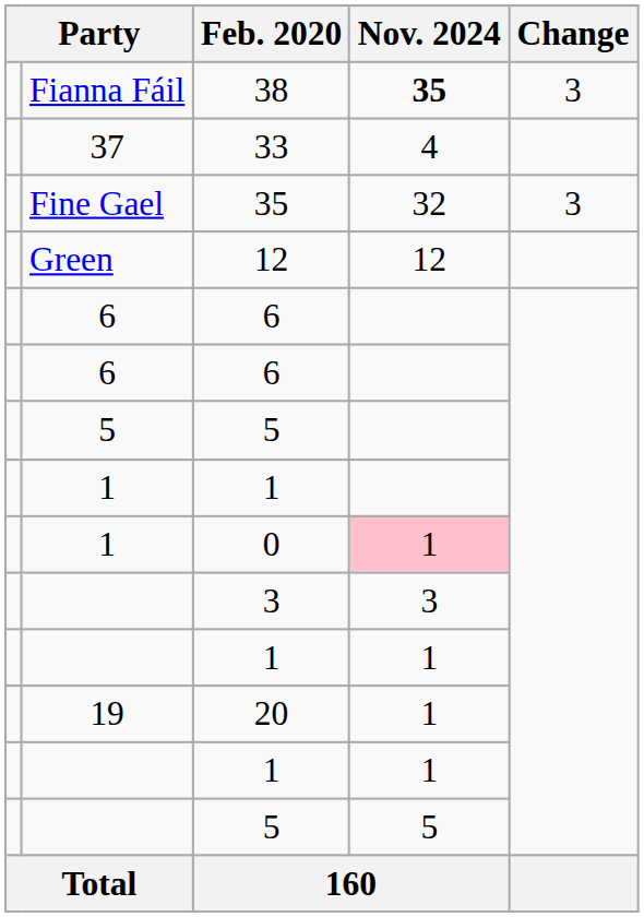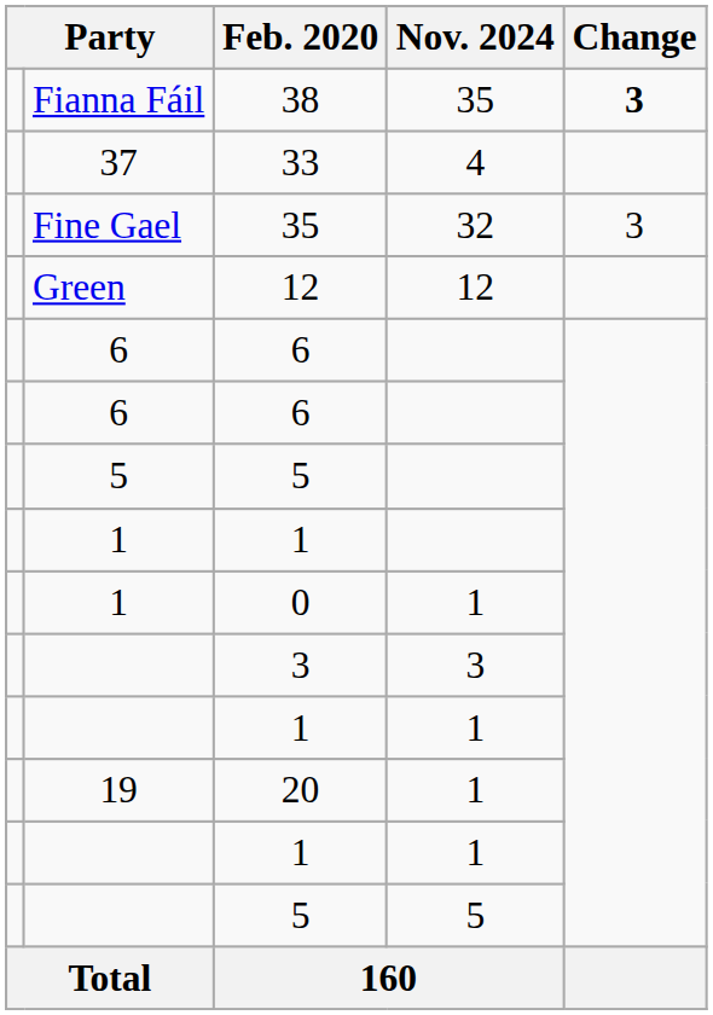 <table class="wikitable sortable" style="font-size: 95%;">
 <tr>
 <th colspan=2>Party</th>
 <th>Feb. 2020</th>
 <th>Nov. 2024</th>
 <th class=unsortable>Change</th>
 </tr>
 <tr>
 <td style="background-color: "></td>
 <td><a href='#'>Fianna Fáil</a></td>
 <td align="center">38</td>
-<td align="center"><strong>35</strong></td>
-<td align="center"> 3</td>
+<td align="center">35</td>
+<td align="center"><strong> 3</strong></td>
 </tr>
 <tr>
 <td></td>
 <td align="center">37</td>
 <td align="center">33</td>
 <td align="center"> 4</td>
 </tr>
 <tr>
 <td style="background-color: "></td>
 <td><a href='#'>Fine Gael</a></td>
 <td align="center">35</td>
 <td align="center">32</td>
 <td align="center"> 3</td>
 </tr>
 <tr>
 <td style="background-color: "></td>
 <td><a href='#'>Green</a></td>
 <td align="center">12</td>
 <td align="center">12</td>
 <td align="center"></td>
 </tr>
 <tr>
 <td></td>
 <td align="center">6</td>
 <td align="center">6</td>
 <td align="center"></td>
 </tr>
 <tr>
 <td></td>
 <td align="center">6</td>
 <td align="center">6</td>
 <td align="center"></td>
 </tr>
 <tr>
 <td></td>
 <td align="center">5</td>
 <td align="center">5</td>
 <td align="center"></td>
 </tr>
 <tr>
 <td></td>
 <td align="center">1</td>
 <td align="center">1</td>
 <td align="center"></td>
 </tr>
 <tr>
 <td></td>
 <td align="center">1</td>
 <td align="center">0</td>
-<td align="center" style="background: pink;"> 1</td>
+<td align="center"> 1</td>
 </tr>
 <tr>
 <td></td>
 <td></td>
 <td align="center">3</td>
 <td align="center"> 3</td>
 </tr>
 <tr>
 <td></td>
 <td></td>
 <td align="center">1</td>
 <td align="center"> 1</td>
 </tr>
 <tr>
 <td></td>
 <td align="center">19</td>
 <td align="center">20</td>
 <td align="center">1</td>
 </tr>
 <tr>
 <td></td>
 <td></td>
 <td align="center">1</td>
 <td align="center"> 1</td>
 </tr>
 <tr>
 <td></td>
 <td></td>
 <td align="center">5</td>
 <td align="center"> 5</td>
 </tr>
 <tr>
 <th colspan="2">Total</th>
 <th colspan="2" align="center">160</th>
 <th align="center"></th>
 </tr>
 </table>
